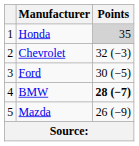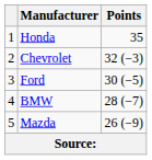 <table class="wikitable" style="font-size: 95%;">
 <tr>
 <th scope="col"></th>
 <th scope="col">Manufacturer</th>
 <th scope="col">Points</th>
 </tr>
 <tr>
 <td align=center>1</td>
 <td> <a href='#'>Honda</a></td>
-<td align=right style="background: lightgrey;">35</td>
+<td align=right>35</td>
 </tr>
 <tr>
 <td align=center>2</td>
 <td> <a href='#'>Chevrolet</a></td>
 <td align=right>32 (−3)</td>
 </tr>
 <tr>
 <td align=center>3</td>
 <td> <a href='#'>Ford</a></td>
 <td align=right>30 (−5)</td>
 </tr>
 <tr>
 <td align=center>4</td>
 <td> <a href='#'>BMW</a></td>
-<td align=right><strong>28 (−7)</strong></td>
+<td align=right>28 (−7)</td>
 </tr>
 <tr>
 <td align=center>5</td>
 <td> <a href='#'>Mazda</a></td>
 <td align=right>26 (−9)</td>
 </tr>
 <tr>
 <th colspan=4>Source:</th>
 </tr>
 </table>
